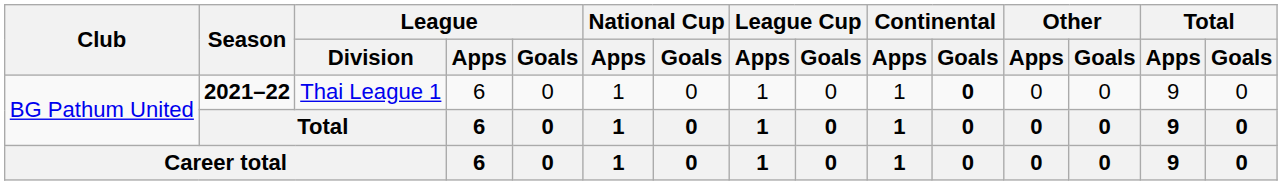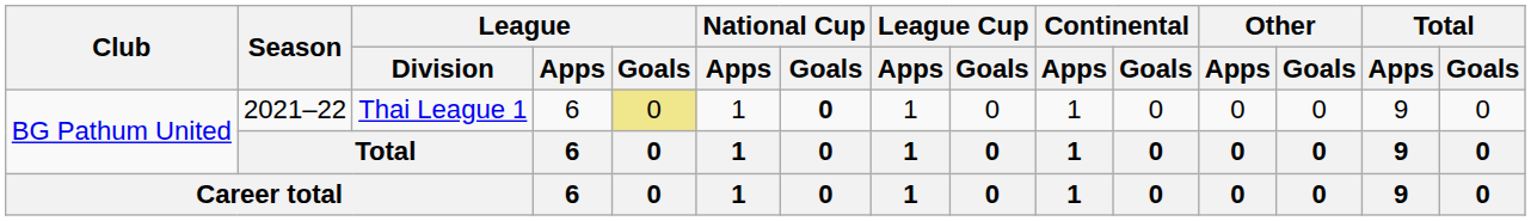 <table class="wikitable" style="text-align: center;">
 <tr>
 <th rowspan="2">Club</th>
 <th rowspan="2">Season</th>
 <th colspan="3">League</th>
 <th colspan="2">National Cup</th>
 <th colspan="2">League Cup</th>
 <th colspan="2">Continental</th>
 <th colspan="2">Other</th>
 <th colspan="2">Total</th>
 </tr>
 <tr>
 <th>Division</th>
 <th>Apps</th>
 <th>Goals</th>
 <th>Apps</th>
 <th>Goals</th>
 <th>Apps</th>
 <th>Goals</th>
 <th>Apps</th>
 <th>Goals</th>
 <th>Apps</th>
 <th>Goals</th>
 <th>Apps</th>
 <th>Goals</th>
 </tr>
 <tr>
 <td rowspan=2><a href='#'>BG Pathum United</a></td>
-<td><strong>2021–22</strong></td>
+<td>2021–22</td>
 <td><a href='#'>Thai League 1</a></td>
 <td>6</td>
-<td>0</td>
+<td style="background: khaki;">0</td>
+<td>1</td>
+<td><strong>0</strong></td>
 <td>1</td>
 <td>0</td>
 <td>1</td>
 <td>0</td>
-<td>1</td>
-<td><strong>0</strong></td>
 <td>0</td>
 <td>0</td>
 <td>9</td>
 <td>0</td>
 </tr>
 <tr>
 <th colspan="2">Total</th>
 <th>6</th>
 <th>0</th>
 <th>1</th>
 <th>0</th>
 <th>1</th>
 <th>0</th>
 <th>1</th>
 <th>0</th>
 <th>0</th>
 <th>0</th>
 <th>9</th>
 <th>0</th>
 </tr>
 <tr>
 <th colspan="3">Career total</th>
 <th>6</th>
 <th>0</th>
 <th>1</th>
 <th>0</th>
 <th>1</th>
 <th>0</th>
 <th>1</th>
 <th>0</th>
 <th>0</th>
 <th>0</th>
 <th>9</th>
 <th>0</th>
 </tr>
 </table>
